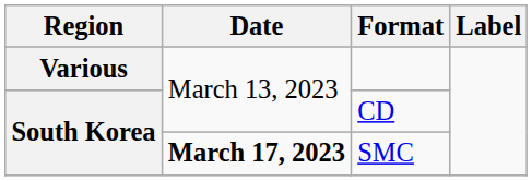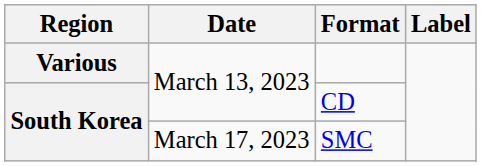 <table class="wikitable plainrowheaders">
 <tr>
 <th scope="col">Region</th>
 <th scope="col">Date</th>
 <th scope="col">Format</th>
 <th scope="col">Label</th>
 </tr>
 <tr>
 <th scope="row">Various</th>
 <td rowspan="2">March 13, 2023</td>
 <td></td>
 <td rowspan="3"></td>
 </tr>
 <tr>
 <th scope="row" rowspan="2">South Korea</th>
 <td><a href='#'>CD</a></td>
 </tr>
 <tr>
-<td><strong>March 17, 2023</strong></td>
+<td>March 17, 2023</td>
 <td><a href='#'>SMC</a></td>
 </tr>
 </table>
